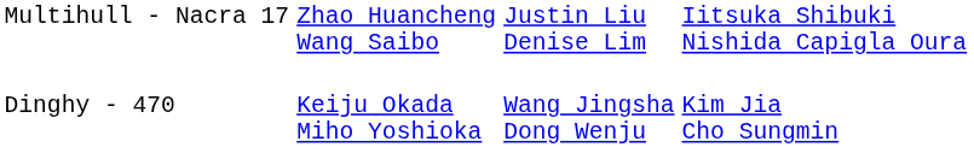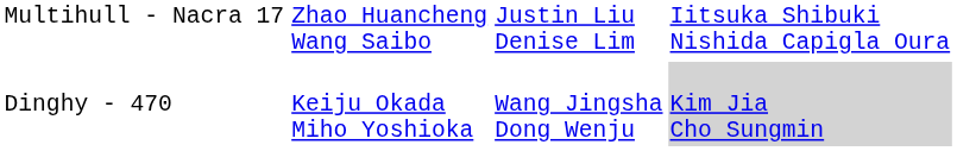 <table>
 <tr>
 <td>Multihull - Nacra 17<br></td>
 <td><br><a href='#'>Zhao Huancheng</a><br><a href='#'>Wang Saibo</a></td>
 <td><br><a href='#'>Justin Liu</a><br><a href='#'>Denise Lim</a></td>
 <td><br><a href='#'>Iitsuka Shibuki</a><br><a href='#'>Nishida Capigla Oura</a></td>
 </tr>
 <tr>
 <td>Dinghy - 470<br></td>
 <td><br><a href='#'>Keiju Okada</a><br><a href='#'>Miho Yoshioka</a></td>
 <td><br><a href='#'>Wang Jingsha</a><br><a href='#'>Dong Wenju</a></td>
-<td><br><a href='#'>Kim Jia</a><br><a href='#'>Cho Sungmin</a></td>
+<td style="background: lightgrey;"><br><a href='#'>Kim Jia</a><br><a href='#'>Cho Sungmin</a></td>
 </tr>
 </table>
